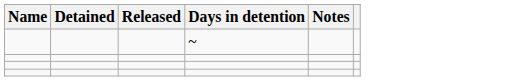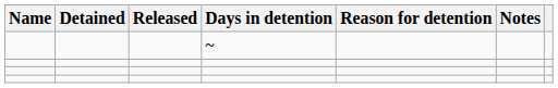 <table class="wikitable sortable">
 <tr>
 <th>Name</th>
 <th>Detained</th>
 <th>Released</th>
 <th>Days in detention</th>
+<th>Reason for detention</th>
 <th>Notes</th>
 <th class="unsortable"></th>
 </tr>
 <tr>
 <td></td>
 <td></td>
 <td></td>
 <td>~</td>
 <td></td>
+<td></td>
 <td align="center"></td>
 </tr>
 <tr>
+<td></td>
 <td></td>
 <td></td>
 <td></td>
 <td></td>
 <td></td>
 <td align="center"></td>
 </tr>
 <tr>
 <td></td>
 <td></td>
 <td></td>
 <td></td>
 <td></td>
+<td></td>
 <td align="center"></td>
 </tr>
 <tr>
 <td></td>
 <td></td>
 <td></td>
 <td></td>
 <td></td>
+<td></td>
 <td align="center"></td>
 </tr>
 </table>
